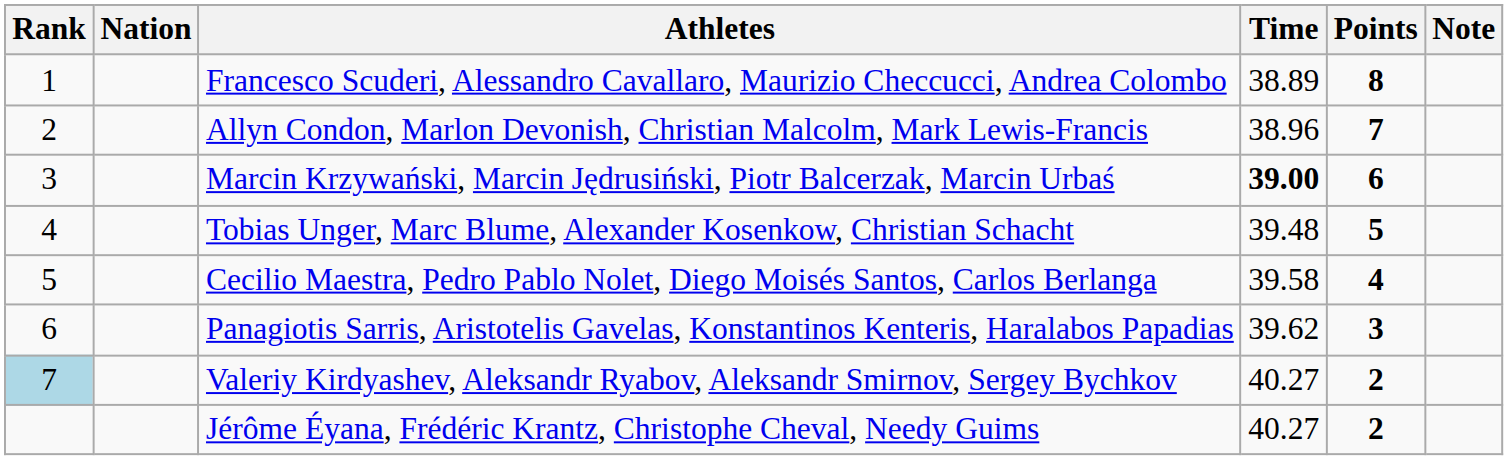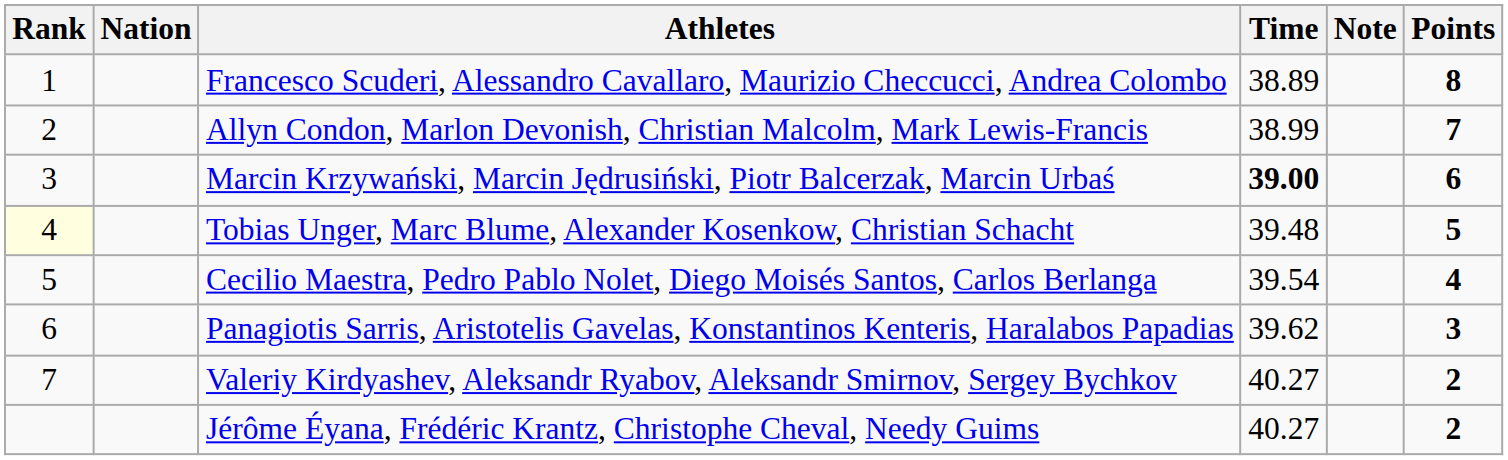 <table class="wikitable sortable" style="text-align:center">
 <tr>
 <th>Rank</th>
 <th>Nation</th>
 <th>Athletes</th>
 <th>Time</th>
+<th>Note</th>
 <th>Points</th>
-<th>Note</th>
 </tr>
 <tr>
 <td>1</td>
 <td align=left></td>
 <td align=left><a href='#'>Francesco Scuderi</a>, <a href='#'>Alessandro Cavallaro</a>, <a href='#'>Maurizio Checcucci</a>, <a href='#'>Andrea Colombo</a></td>
 <td>38.89</td>
+<td></td>
 <td><strong>8</strong></td>
-<td></td>
 </tr>
 <tr>
 <td>2</td>
 <td align=left></td>
 <td align=left><a href='#'>Allyn Condon</a>, <a href='#'>Marlon Devonish</a>, <a href='#'>Christian Malcolm</a>, <a href='#'>Mark Lewis-Francis</a></td>
-<td>38.96</td>
+<td>38.99</td>
+<td></td>
 <td><strong>7</strong></td>
-<td></td>
 </tr>
 <tr>
 <td>3</td>
 <td align=left></td>
 <td align=left><a href='#'>Marcin Krzywański</a>, <a href='#'>Marcin Jędrusiński</a>, <a href='#'>Piotr Balcerzak</a>, <a href='#'>Marcin Urbaś</a></td>
 <td><strong>39.00</strong></td>
+<td></td>
 <td><strong>6</strong></td>
-<td></td>
 </tr>
 <tr>
-<td>4</td>
+<td style="background: lightyellow;">4</td>
 <td align=left></td>
 <td align=left><a href='#'>Tobias Unger</a>, <a href='#'>Marc Blume</a>, <a href='#'>Alexander Kosenkow</a>, <a href='#'>Christian Schacht</a></td>
 <td>39.48</td>
+<td></td>
 <td><strong>5</strong></td>
-<td></td>
 </tr>
 <tr>
 <td>5</td>
 <td align=left></td>
 <td align=left><a href='#'>Cecilio Maestra</a>, <a href='#'>Pedro Pablo Nolet</a>, <a href='#'>Diego Moisés Santos</a>, <a href='#'>Carlos Berlanga</a></td>
-<td>39.58</td>
+<td>39.54</td>
+<td></td>
 <td><strong>4</strong></td>
-<td></td>
 </tr>
 <tr>
 <td>6</td>
 <td align=left></td>
 <td align=left><a href='#'>Panagiotis Sarris</a>, <a href='#'>Aristotelis Gavelas</a>, <a href='#'>Konstantinos Kenteris</a>, <a href='#'>Haralabos Papadias</a></td>
 <td>39.62</td>
+<td></td>
 <td><strong>3</strong></td>
-<td></td>
 </tr>
 <tr>
-<td style="background: lightblue;">7</td>
+<td>7</td>
 <td align=left></td>
 <td align=left><a href='#'>Valeriy Kirdyashev</a>, <a href='#'>Aleksandr Ryabov</a>, <a href='#'>Aleksandr Smirnov</a>, <a href='#'>Sergey Bychkov</a></td>
 <td>40.27</td>
+<td></td>
 <td><strong>2</strong></td>
-<td></td>
 </tr>
 <tr>
 <td></td>
 <td align=left></td>
 <td align=left><a href='#'>Jérôme Éyana</a>, <a href='#'>Frédéric Krantz</a>, <a href='#'>Christophe Cheval</a>, <a href='#'>Needy Guims</a></td>
 <td>40.27</td>
+<td></td>
 <td><strong>2</strong></td>
-<td></td>
 </tr>
 </table>
